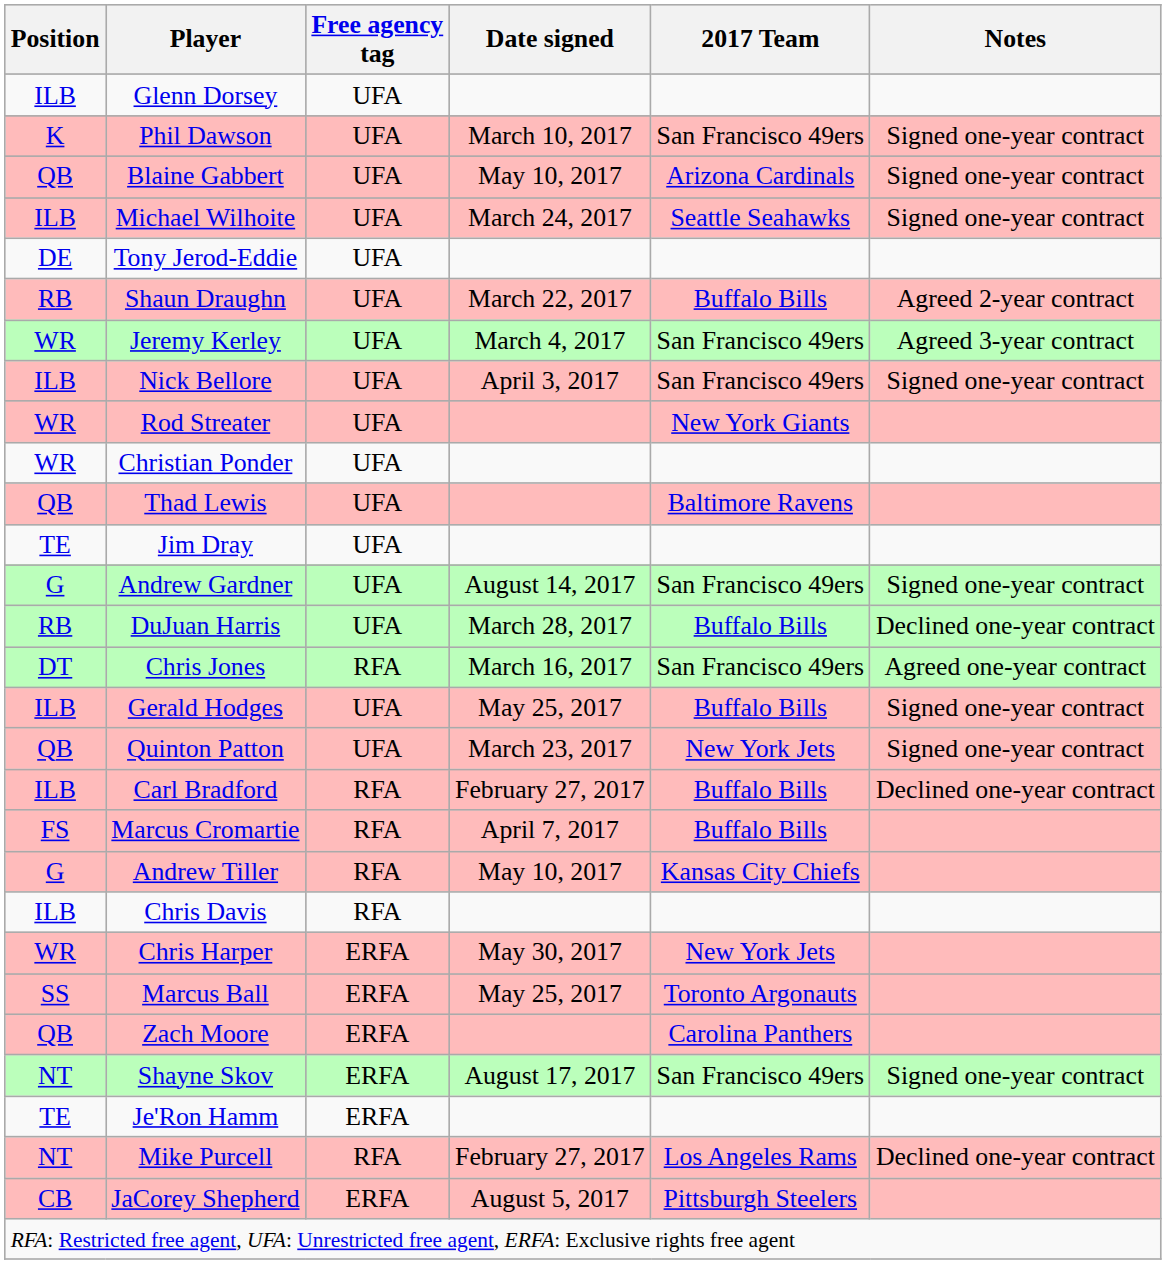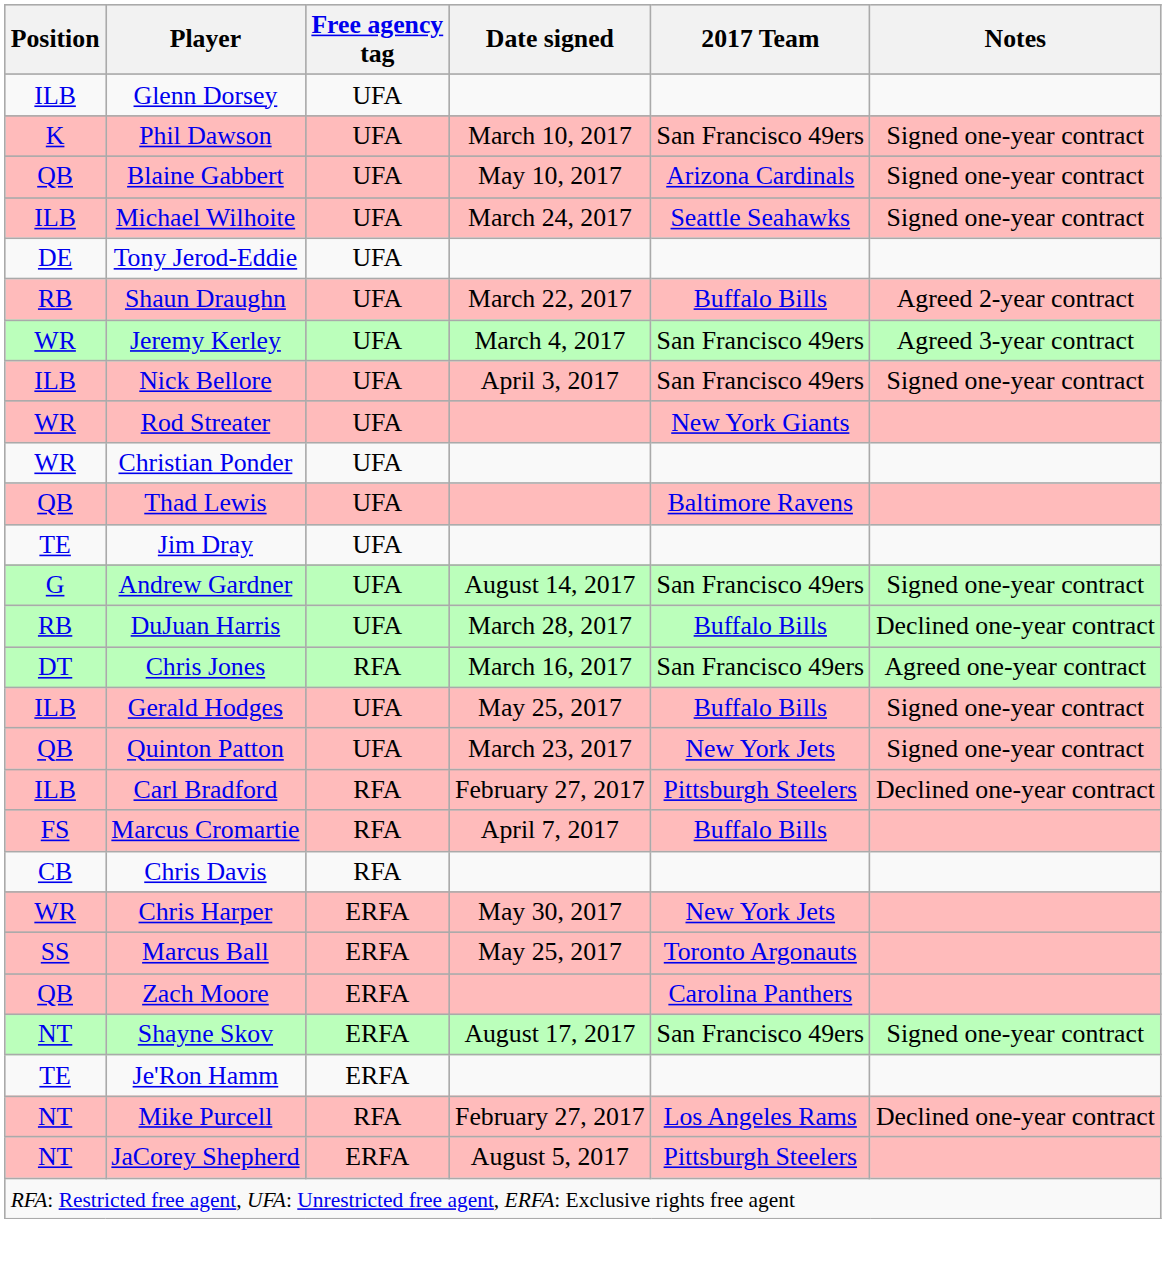 <table class="sortable wikitable">
 <tr>
 <th>Position</th>
 <th>Player</th>
 <th><a href='#'><span>Free agency</span></a><br>tag</th>
 <th>Date signed</th>
 <th>2017 Team</th>
 <th>Notes</th>
 </tr>
 <tr style="text-align:center;">
 <td><a href='#'>ILB</a></td>
 <td><a href='#'>Glenn Dorsey</a></td>
 <td>UFA</td>
 <td></td>
 <td></td>
 <td></td>
 </tr>
 <tr style="background:#fbb; text-align:center">
 <td><a href='#'>K</a></td>
 <td><a href='#'>Phil Dawson</a></td>
 <td>UFA</td>
 <td>March 10, 2017</td>
 <td>San Francisco 49ers</td>
 <td>Signed one-year contract</td>
 </tr>
 <tr style="background:#fbb; text-align:center">
 <td><a href='#'>QB</a></td>
 <td><a href='#'>Blaine Gabbert</a></td>
 <td>UFA</td>
 <td>May 10, 2017</td>
 <td><a href='#'>Arizona Cardinals</a></td>
 <td>Signed one-year contract</td>
 </tr>
 <tr style="background:#fbb; text-align:center">
 <td><a href='#'>ILB</a></td>
 <td><a href='#'>Michael Wilhoite</a></td>
 <td>UFA</td>
 <td>March 24, 2017</td>
 <td><a href='#'>Seattle Seahawks</a></td>
 <td>Signed one-year contract</td>
 </tr>
 <tr style="text-align:center">
 <td><a href='#'>DE</a></td>
 <td><a href='#'>Tony Jerod-Eddie</a></td>
 <td>UFA</td>
 <td></td>
 <td></td>
 <td></td>
 </tr>
 <tr style="background:#fbb; text-align:center">
 <td><a href='#'>RB</a></td>
 <td><a href='#'>Shaun Draughn</a></td>
 <td>UFA</td>
 <td>March 22, 2017</td>
 <td><a href='#'>Buffalo Bills</a></td>
 <td>Agreed 2-year contract</td>
 </tr>
 <tr style="background:#bfb; text-align:center">
 <td><a href='#'>WR</a></td>
 <td><a href='#'>Jeremy Kerley</a></td>
 <td>UFA</td>
 <td>March 4, 2017</td>
 <td>San Francisco 49ers</td>
 <td>Agreed 3-year contract</td>
 </tr>
 <tr style="background:#fbb; text-align:center">
 <td><a href='#'>ILB</a></td>
 <td><a href='#'>Nick Bellore</a></td>
 <td>UFA</td>
 <td>April 3, 2017</td>
 <td>San Francisco 49ers</td>
 <td>Signed one-year contract</td>
 </tr>
 <tr style="background:#fbb; text-align:center">
 <td><a href='#'>WR</a></td>
 <td><a href='#'>Rod Streater</a></td>
 <td>UFA</td>
 <td></td>
 <td><a href='#'>New York Giants</a></td>
 <td></td>
 </tr>
 <tr style="text-align:center">
 <td><a href='#'>WR</a></td>
 <td><a href='#'>Christian Ponder</a></td>
 <td>UFA</td>
 <td></td>
 <td></td>
 <td></td>
 </tr>
 <tr style="background:#fbb; text-align:center">
 <td><a href='#'>QB</a></td>
 <td><a href='#'>Thad Lewis</a></td>
 <td>UFA</td>
 <td></td>
 <td><a href='#'>Baltimore Ravens</a></td>
 <td></td>
 </tr>
 <tr style="text-align:center">
 <td><a href='#'>TE</a></td>
 <td><a href='#'>Jim Dray</a></td>
 <td>UFA</td>
 <td></td>
 <td></td>
 <td></td>
 </tr>
 <tr style="background:#bfb; text-align:center">
 <td><a href='#'>G</a></td>
 <td><a href='#'>Andrew Gardner</a></td>
 <td>UFA</td>
 <td>August 14, 2017</td>
 <td>San Francisco 49ers</td>
 <td>Signed one-year contract</td>
 </tr>
 <tr style="background:#bfb; text-align:center">
 <td><a href='#'>RB</a></td>
 <td><a href='#'>DuJuan Harris</a></td>
 <td>UFA</td>
 <td>March 28, 2017</td>
 <td><a href='#'>Buffalo Bills</a></td>
 <td>Declined one-year contract</td>
 </tr>
 <tr style="background:#bfb; text-align:center">
 <td><a href='#'>DT</a></td>
 <td><a href='#'>Chris Jones</a></td>
 <td>RFA</td>
 <td>March 16, 2017</td>
 <td>San Francisco 49ers</td>
 <td>Agreed one-year contract</td>
 </tr>
 <tr style="background:#fbb; text-align:center">
 <td><a href='#'>ILB</a></td>
 <td><a href='#'>Gerald Hodges</a></td>
 <td>UFA</td>
 <td>May 25, 2017</td>
 <td><a href='#'>Buffalo Bills</a></td>
 <td>Signed one-year contract</td>
 </tr>
 <tr style="background:#fbb; text-align:center">
 <td><a href='#'>QB</a></td>
 <td><a href='#'>Quinton Patton</a></td>
 <td>UFA</td>
 <td>March 23, 2017</td>
 <td><a href='#'>New York Jets</a></td>
 <td>Signed one-year contract</td>
 </tr>
 <tr style="background:#fbb; text-align:center">
 <td><a href='#'>ILB</a></td>
 <td><a href='#'>Carl Bradford</a></td>
 <td>RFA</td>
 <td>February 27, 2017</td>
-<td><a href='#'>Buffalo Bills</a></td>
+<td><a href='#'>Pittsburgh Steelers</a></td>
 <td>Declined one-year contract</td>
 </tr>
 <tr style="background:#fbb; text-align:center">
 <td><a href='#'>FS</a></td>
 <td><a href='#'>Marcus Cromartie</a></td>
 <td>RFA</td>
 <td>April 7, 2017</td>
 <td><a href='#'>Buffalo Bills</a></td>
 <td></td>
 </tr>
-<tr style="background:#fbb; text-align:center">
-<td><a href='#'>G</a></td>
-<td><a href='#'>Andrew Tiller</a></td>
-<td>RFA</td>
-<td>May 10, 2017</td>
-<td><a href='#'>Kansas City Chiefs</a></td>
-<td></td>
-</tr>
 <tr style="text-align:center">
-<td><a href='#'>ILB</a></td>
+<td><a href='#'>CB</a></td>
 <td><a href='#'>Chris Davis</a></td>
 <td>RFA</td>
 <td></td>
 <td></td>
 <td></td>
 </tr>
 <tr style="background:#fbb; text-align:center">
 <td><a href='#'>WR</a></td>
 <td><a href='#'>Chris Harper</a></td>
 <td>ERFA</td>
 <td>May 30, 2017</td>
 <td><a href='#'>New York Jets</a></td>
 <td></td>
 </tr>
 <tr style="background:#fbb; text-align:center">
 <td><a href='#'>SS</a></td>
 <td><a href='#'>Marcus Ball</a></td>
 <td>ERFA</td>
 <td>May 25, 2017</td>
 <td><a href='#'>Toronto Argonauts</a></td>
 <td></td>
 </tr>
 <tr style="background:#fbb; text-align:center">
 <td><a href='#'>QB</a></td>
 <td><a href='#'>Zach Moore</a></td>
 <td>ERFA</td>
 <td></td>
 <td><a href='#'>Carolina Panthers</a></td>
 <td></td>
 </tr>
 <tr style="background:#bfb; text-align:center">
 <td><a href='#'>NT</a></td>
 <td><a href='#'>Shayne Skov</a></td>
 <td>ERFA</td>
 <td>August 17, 2017</td>
 <td>San Francisco 49ers</td>
 <td>Signed one-year contract</td>
 </tr>
 <tr style="text-align:center">
 <td><a href='#'>TE</a></td>
 <td><a href='#'>Je'Ron Hamm</a></td>
 <td>ERFA</td>
 <td></td>
 <td></td>
 <td></td>
 </tr>
 <tr style="background:#fbb; text-align:center">
 <td><a href='#'>NT</a></td>
 <td><a href='#'>Mike Purcell</a></td>
 <td>RFA</td>
 <td>February 27, 2017</td>
 <td><a href='#'>Los Angeles Rams</a></td>
 <td>Declined one-year contract</td>
 </tr>
 <tr style="background:#fbb; text-align:center">
-<td><a href='#'>CB</a></td>
+<td><a href='#'>NT</a></td>
 <td><a href='#'>JaCorey Shepherd</a></td>
 <td>ERFA</td>
 <td>August 5, 2017</td>
 <td><a href='#'>Pittsburgh Steelers</a></td>
 <td></td>
 </tr>
 <tr>
 <td colspan="6"><small><em>RFA</em>: <a href='#'>Restricted free agent</a>, <em>UFA</em>: <a href='#'>Unrestricted free agent</a>, <em>ERFA</em>: Exclusive rights free agent</small><br></td>
 </tr>
 </table>
